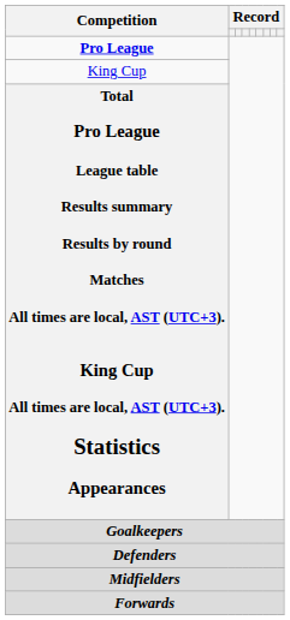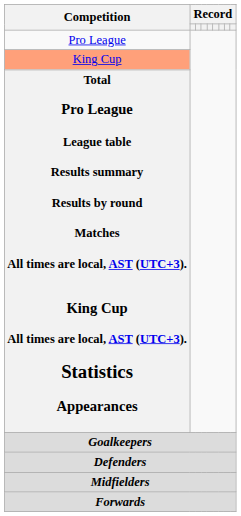 <table class="wikitable" style="text-align: center">
 <tr>
 <th rowspan=2>Competition</th>
 <th colspan=8>Record</th>
 </tr>
 <tr>
 <th></th>
 <th></th>
 <th></th>
 <th></th>
 <th></th>
 <th></th>
 <th></th>
 <th></th>
 </tr>
 <tr>
-<td><strong><a href='#'>Pro League</a><br></strong></td>
+<td><a href='#'>Pro League</a><br></td>
 </tr>
 <tr>
-<td><a href='#'>King Cup</a><br></td>
+<td style="background: lightsalmon;"><a href='#'>King Cup</a><br></td>
 </tr>
 <tr>
 <th>Total<br> <h3>Pro League</h3><h4>League table</h4><h4>Results summary</h4> <h4>Results by round</h4><h4>Matches</h4>All times are local, <a href='#'>AST</a> (<a href='#'>UTC+3</a>).<br>   <br>                             <h3>King Cup</h3> All times are local, <a href='#'>AST</a> (<a href='#'>UTC+3</a>).<br><h2>Statistics</h2><h3>Appearances</h3></th>
 </tr>
 <tr>
 <th colspan=10 style=background:#dcdcdc; text-align:center><em>Goalkeepers</em><br> </th>
 </tr>
 <tr>
 <th colspan=10 style=background:#dcdcdc; text-align:center><em>Defenders</em><br>         </th>
 </tr>
 <tr>
 <th colspan=10 style=background:#dcdcdc; text-align:center><em>Midfielders</em><br>            </th>
 </tr>
 <tr>
 <th colspan=10 style=background:#dcdcdc; text-align:center><em>Forwards</em><br>   </th>
 </tr>
 </table>
